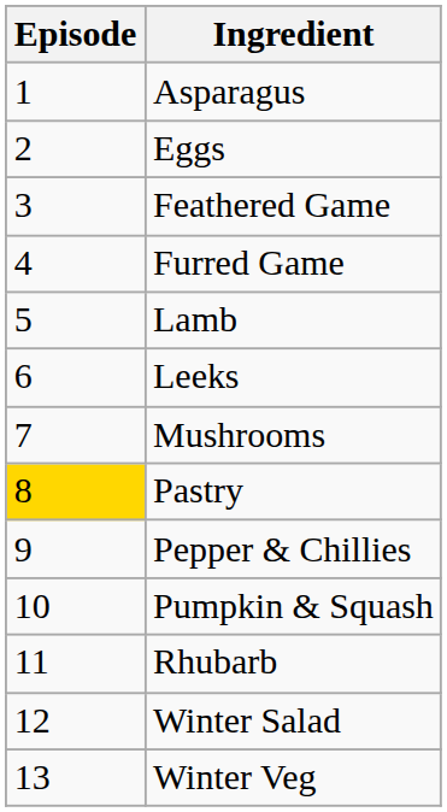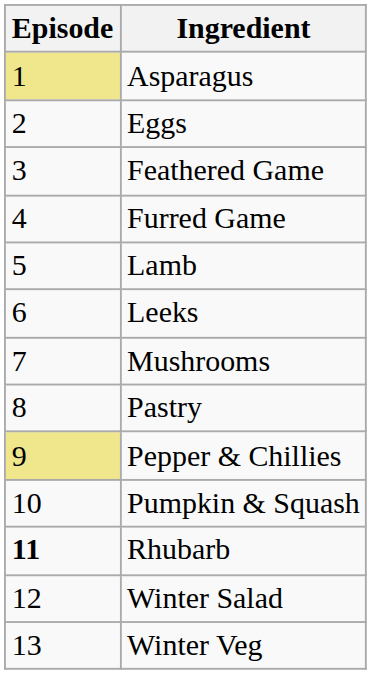 <table class="wikitable">
 <tr>
 <th>Episode</th>
 <th>Ingredient</th>
 </tr>
 <tr>
-<td>1</td>
+<td style="background: khaki;">1</td>
 <td>Asparagus</td>
 </tr>
 <tr>
 <td>2</td>
 <td>Eggs</td>
 </tr>
 <tr>
 <td>3</td>
 <td>Feathered Game</td>
 </tr>
 <tr>
 <td>4</td>
 <td>Furred Game</td>
 </tr>
 <tr>
 <td>5</td>
 <td>Lamb</td>
 </tr>
 <tr>
 <td>6</td>
 <td>Leeks</td>
 </tr>
 <tr>
 <td>7</td>
 <td>Mushrooms</td>
 </tr>
 <tr>
-<td style="background: gold;">8</td>
+<td>8</td>
 <td>Pastry</td>
 </tr>
 <tr>
-<td>9</td>
+<td style="background: khaki;">9</td>
 <td>Pepper & Chillies</td>
 </tr>
 <tr>
 <td>10</td>
 <td>Pumpkin & Squash</td>
 </tr>
 <tr>
-<td>11</td>
+<td><strong>11</strong></td>
 <td>Rhubarb</td>
 </tr>
 <tr>
 <td>12</td>
 <td>Winter Salad</td>
 </tr>
 <tr>
 <td>13</td>
 <td>Winter Veg</td>
 </tr>
 </table>
